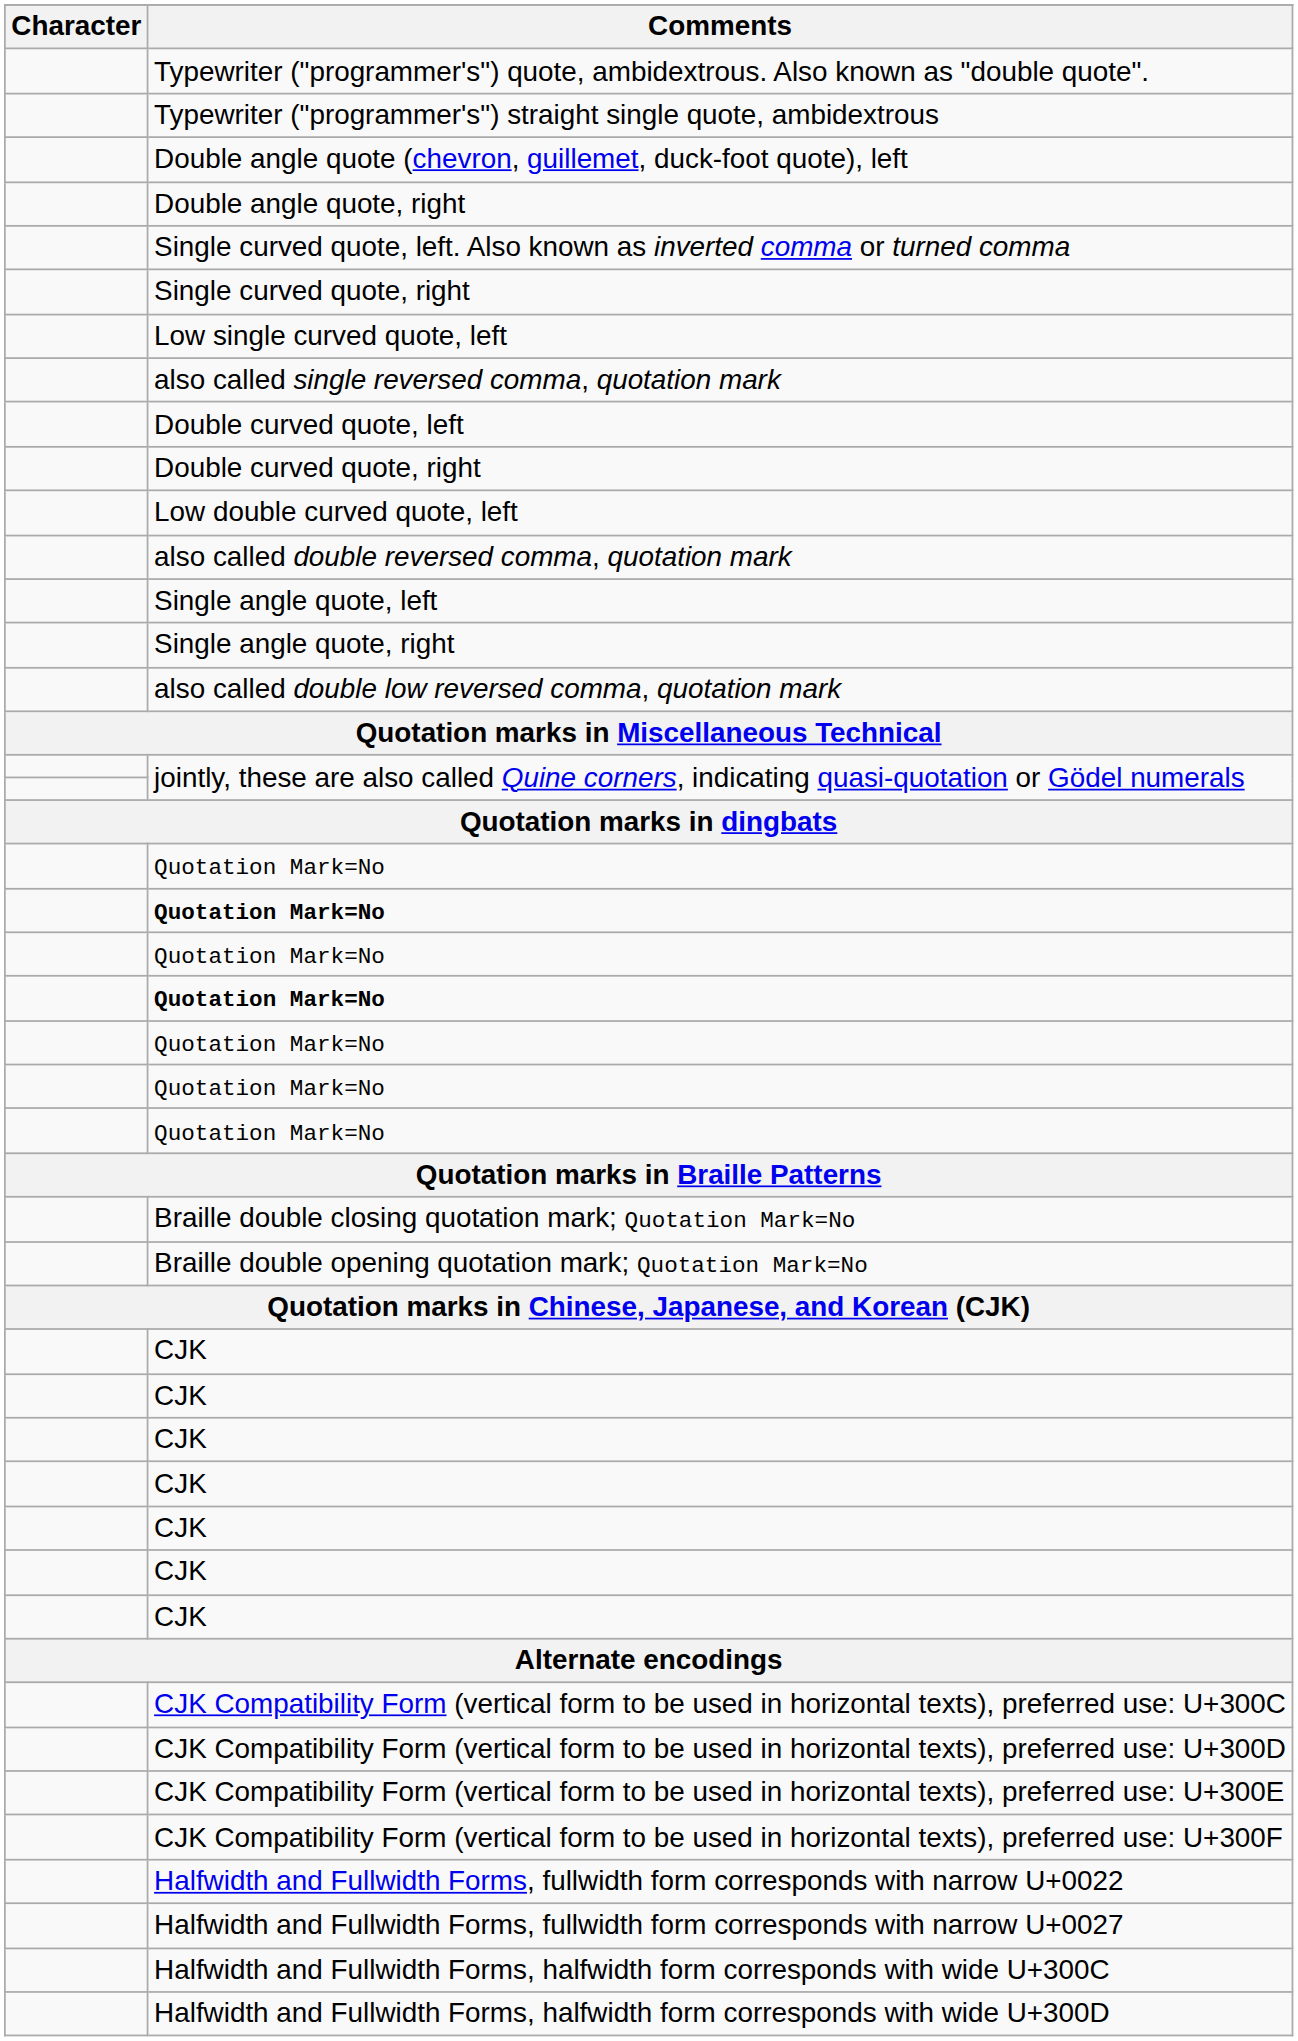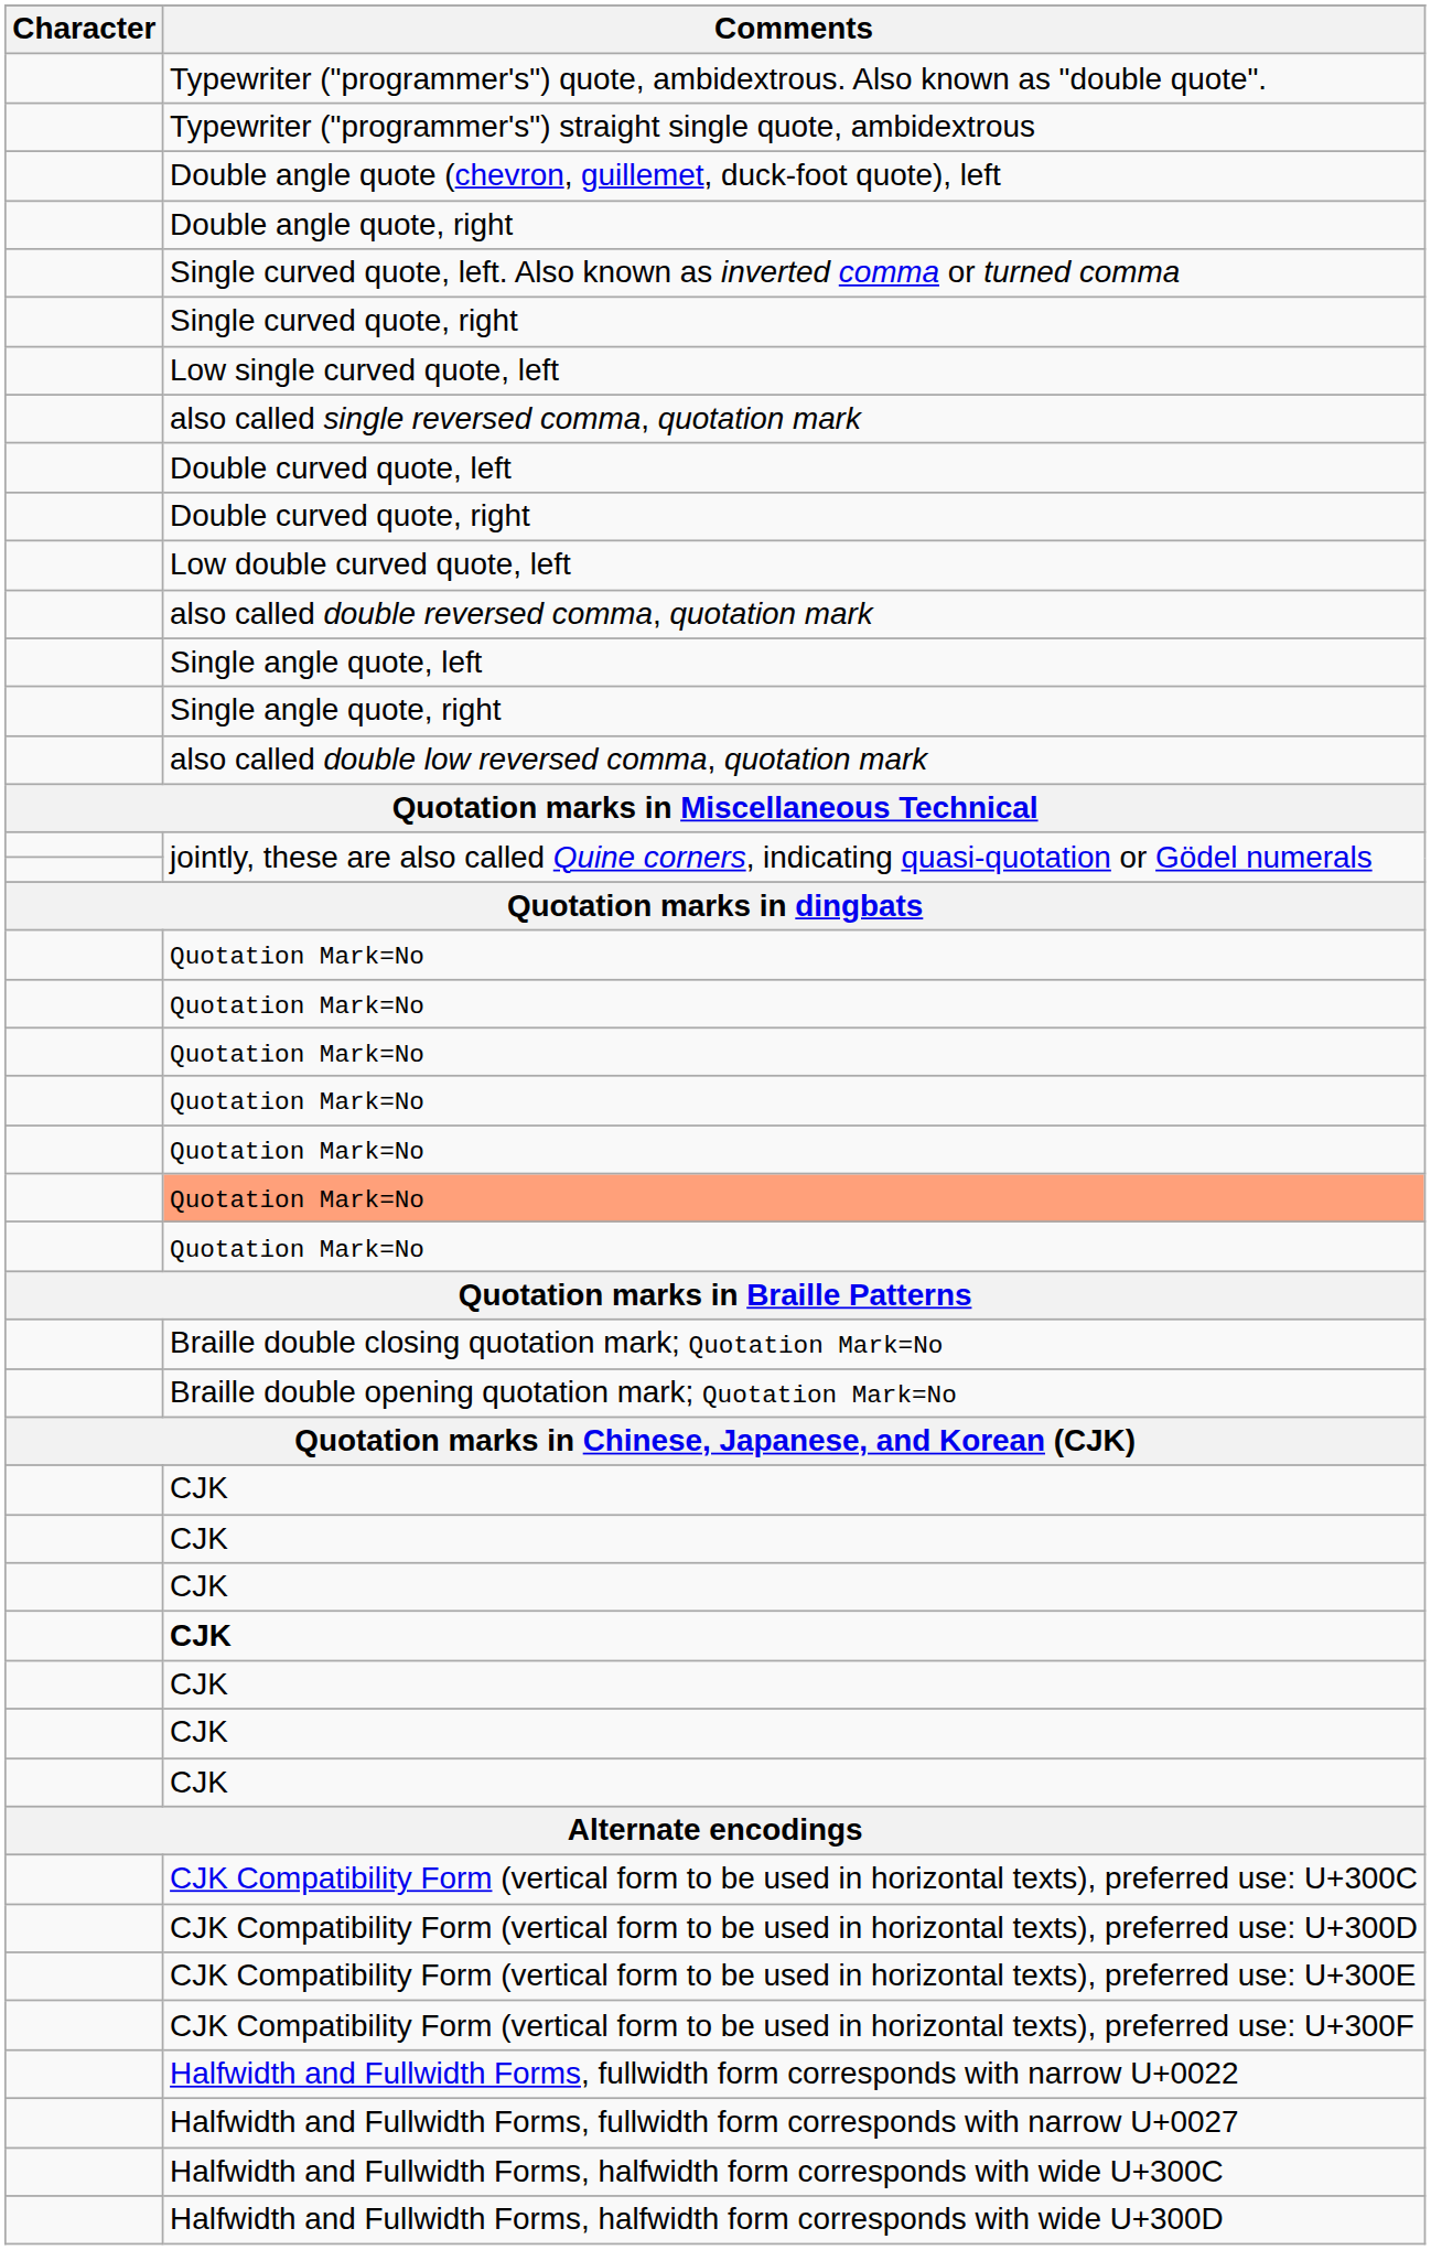 <table class="wikitable" | id="unicode_quote_table">
 <tr>
 </tr>
 <tr>
 <th>Character</th>
 <th>Comments</th>
 </tr>
 <tr>
 <td style="text-align:center;"></td>
 <td>Typewriter ("programmer's") quote, ambidextrous. Also known as "double quote".</td>
 </tr>
 <tr>
 <td style="text-align:center;"></td>
 <td>Typewriter ("programmer's") straight single quote, ambidextrous</td>
 </tr>
 <tr>
 <td style="text-align:center;"></td>
 <td>Double angle quote (<a href='#'>chevron</a>, <a href='#'>guillemet</a>, duck-foot quote), left</td>
 </tr>
 <tr>
 <td style="text-align:center;"></td>
 <td>Double angle quote, right</td>
 </tr>
 <tr>
 <td style="text-align:center;"></td>
 <td>Single curved quote, left. Also known as <em>inverted <a href='#'>comma</a></em> or <em>turned comma</em></td>
 </tr>
 <tr>
 <td style="text-align:center;"></td>
 <td>Single curved quote, right</td>
 </tr>
 <tr>
 <td style="text-align:center;"></td>
 <td>Low single curved quote, left</td>
 </tr>
 <tr>
 <td style="text-align:center;"></td>
 <td>also called <em>single reversed comma</em>, <em>quotation mark</em></td>
 </tr>
 <tr>
 <td style="text-align:center;"></td>
 <td>Double curved quote, left</td>
 </tr>
 <tr>
 <td style="text-align:center;"></td>
 <td>Double curved quote, right</td>
 </tr>
 <tr>
 <td style="text-align:center;"></td>
 <td>Low double curved quote, left</td>
 </tr>
 <tr>
 <td style="text-align:center;"></td>
 <td>also called <em>double reversed comma</em>, <em>quotation mark</em></td>
 </tr>
 <tr>
 <td style="text-align:center;"></td>
 <td>Single angle quote, left</td>
 </tr>
 <tr>
 <td style="text-align:center;"></td>
 <td>Single angle quote, right</td>
 </tr>
 <tr>
 <td style="text-align:center;"></td>
 <td>also called <em>double low reversed comma</em>, <em>quotation mark</em></td>
 </tr>
 <tr>
 <th colspan=2>Quotation marks in <a href='#'>Miscellaneous Technical</a></th>
 </tr>
 <tr>
 <td style="text-align:center;"></td>
 <td rowspan="2">jointly, these are also called <em><a href='#'>Quine corners</a></em>, indicating <a href='#'>quasi-quotation</a> or <a href='#'>Gödel numerals</a></td>
 </tr>
 <tr>
 <td style="text-align:center;"></td>
 </tr>
 <tr>
 <th colspan=2>Quotation marks in <a href='#'>dingbats</a></th>
 </tr>
 <tr>
 <td style="text-align:center;"></td>
 <td><code>Quotation Mark=No</code></td>
 </tr>
 <tr>
 <td style="text-align:center;"></td>
-<td><strong><code>Quotation Mark=No</code></strong></td>
-</tr>
-<tr>
-<td style="text-align:center;"></td>
 <td><code>Quotation Mark=No</code></td>
-</tr>
-<tr>
-<td style="text-align:center;"></td>
-<td><strong><code>Quotation Mark=No</code></strong></td>
 </tr>
 <tr>
 <td style="text-align:center;"></td>
 <td><code>Quotation Mark=No</code></td>
 </tr>
 <tr>
 <td style="text-align:center;"></td>
 <td><code>Quotation Mark=No</code></td>
+</tr>
+<tr>
+<td style="text-align:center;"></td>
+<td><code>Quotation Mark=No</code></td>
+</tr>
+<tr>
+<td style="text-align:center;"></td>
+<td style="background: lightsalmon;"><code>Quotation Mark=No</code></td>
 </tr>
 <tr>
 <td style="text-align:center;"></td>
 <td><code>Quotation Mark=No</code></td>
 </tr>
 <tr>
 <th colspan=2>Quotation marks in <a href='#'>Braille Patterns</a></th>
 </tr>
 <tr>
 <td style="text-align:center;"></td>
 <td>Braille double closing quotation mark; <code>Quotation Mark=No</code></td>
 </tr>
 <tr>
 <td style="text-align:center;"></td>
 <td>Braille double opening quotation mark; <code>Quotation Mark=No</code></td>
 </tr>
 <tr>
 <th colspan=2>Quotation marks in <a href='#'>Chinese, Japanese, and Korean</a> (CJK)</th>
 </tr>
 <tr>
 <td style="text-align:center;"></td>
 <td>CJK</td>
 </tr>
 <tr>
 <td style="text-align:center;"></td>
 <td>CJK</td>
 </tr>
 <tr>
 <td style="text-align:center;"></td>
 <td>CJK</td>
 </tr>
 <tr>
 <td style="text-align:center;"></td>
-<td>CJK</td>
+<td><strong>CJK</strong></td>
 </tr>
 <tr>
 <td style="text-align:center;"></td>
 <td>CJK</td>
 </tr>
 <tr>
 <td style="text-align:center;"></td>
 <td>CJK</td>
 </tr>
 <tr>
 <td style="text-align:center;"></td>
 <td>CJK</td>
 </tr>
 <tr>
 <th colspan=2>Alternate encodings</th>
 </tr>
 <tr>
 <td style="text-align:center;"></td>
 <td><a href='#'>CJK Compatibility Form</a> (vertical form to be used in horizontal texts), preferred use: U+300C</td>
 </tr>
 <tr>
 <td style="text-align:center;"></td>
 <td>CJK Compatibility Form (vertical form to be used in horizontal texts), preferred use: U+300D</td>
 </tr>
 <tr>
 <td style="text-align:center;"></td>
 <td>CJK Compatibility Form (vertical form to be used in horizontal texts), preferred use: U+300E</td>
 </tr>
 <tr>
 <td style="text-align:center;"></td>
 <td>CJK Compatibility Form (vertical form to be used in horizontal texts), preferred use: U+300F</td>
 </tr>
 <tr>
 <td style="text-align:center;"></td>
 <td><a href='#'>Halfwidth and Fullwidth Forms</a>, fullwidth form corresponds with narrow U+0022</td>
 </tr>
 <tr>
 <td style="text-align:center;"></td>
 <td>Halfwidth and Fullwidth Forms, fullwidth form corresponds with narrow U+0027</td>
 </tr>
 <tr>
 <td style="text-align:center;"></td>
 <td>Halfwidth and Fullwidth Forms, halfwidth form corresponds with wide U+300C</td>
 </tr>
 <tr>
 <td style="text-align:center;"></td>
 <td>Halfwidth and Fullwidth Forms, halfwidth form corresponds with wide U+300D</td>
 </tr>
 </table>
